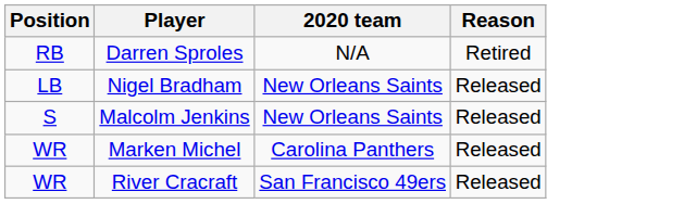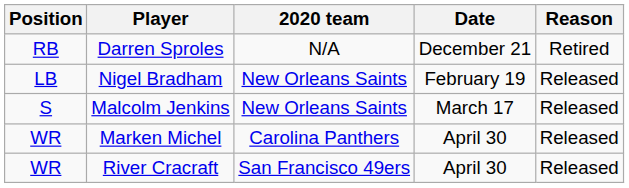 <table class="wikitable" style="text-align:center">
 <tr>
 <th>Position</th>
 <th>Player</th>
 <th>2020 team</th>
+<th>Date</th>
 <th>Reason</th>
 </tr>
 <tr>
 <td><a href='#'>RB</a></td>
 <td><a href='#'>Darren Sproles</a></td>
 <td>N/A</td>
+<td>December 21</td>
 <td>Retired</td>
 </tr>
 <tr>
 <td><a href='#'>LB</a></td>
 <td><a href='#'>Nigel Bradham</a></td>
 <td><a href='#'>New Orleans Saints</a></td>
+<td>February 19</td>
 <td>Released</td>
 </tr>
 <tr>
 <td><a href='#'>S</a></td>
 <td><a href='#'>Malcolm Jenkins</a></td>
 <td><a href='#'>New Orleans Saints</a></td>
+<td>March 17</td>
 <td>Released</td>
 </tr>
 <tr>
 <td><a href='#'>WR</a></td>
 <td><a href='#'>Marken Michel</a></td>
 <td><a href='#'>Carolina Panthers</a></td>
+<td>April 30</td>
 <td>Released</td>
 </tr>
 <tr>
 <td><a href='#'>WR</a></td>
 <td><a href='#'>River Cracraft</a></td>
 <td><a href='#'>San Francisco 49ers</a></td>
+<td>April 30</td>
 <td>Released</td>
 </tr>
 </table>
